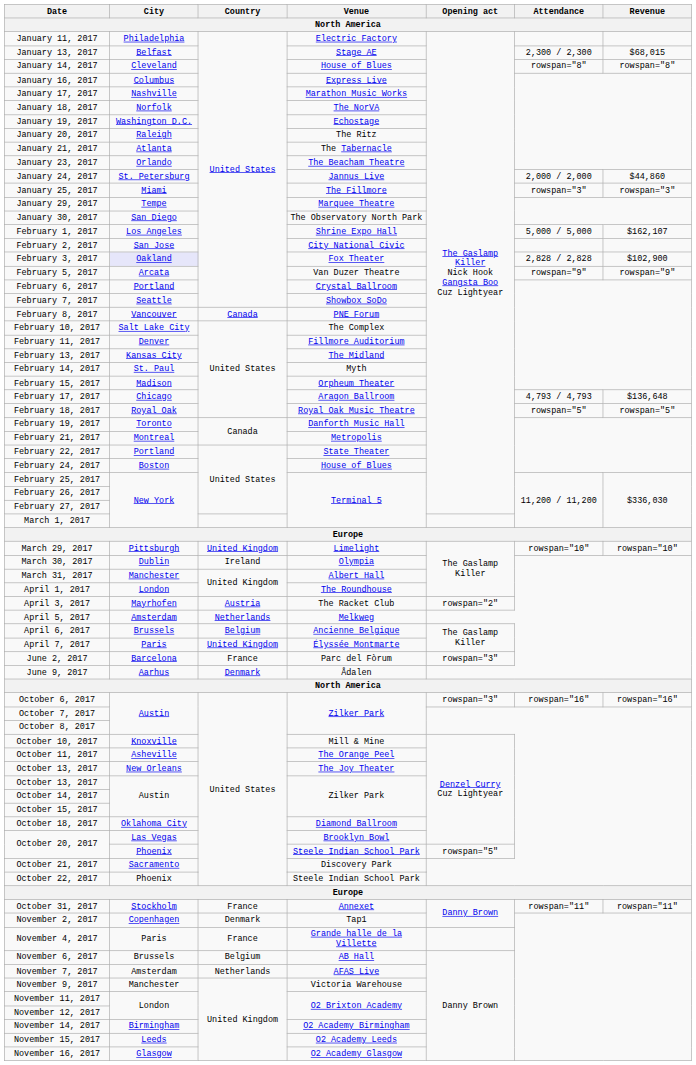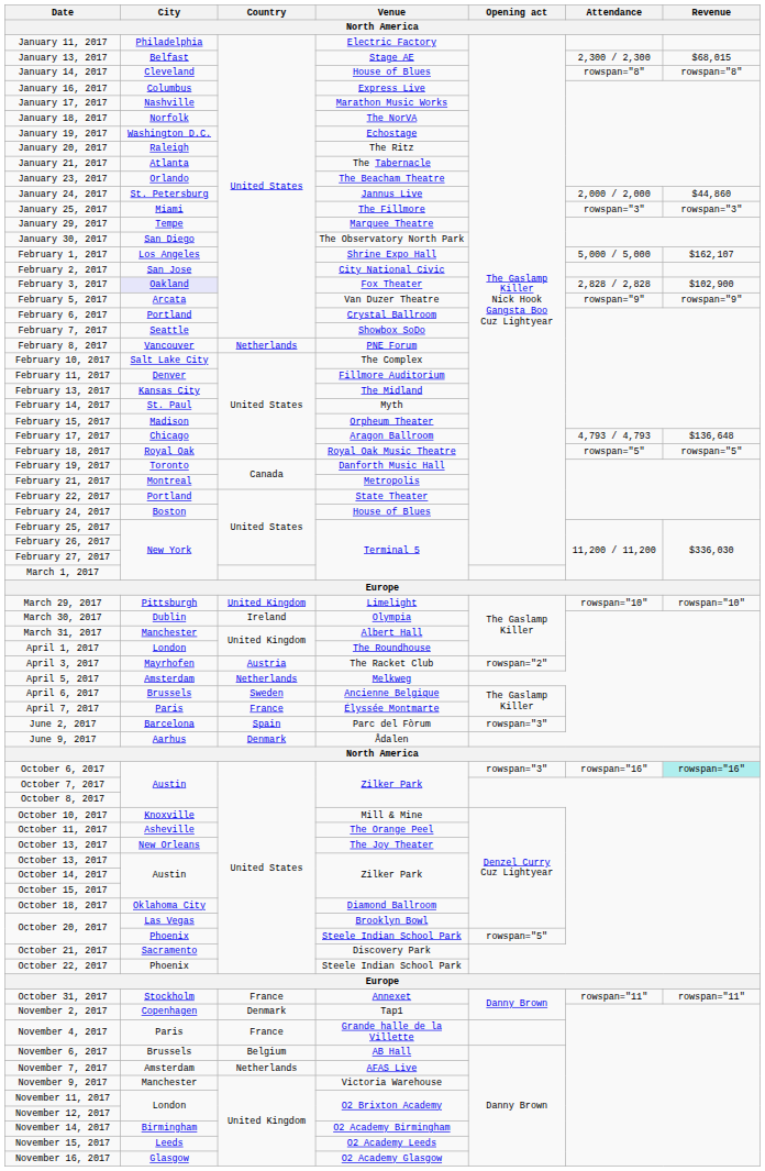 <table class="wikitable" style="text-align:center;">
 <tr>
 <th scope="col" style="width:12em;">Date</th>
 <th scope="col" style="width:10em;">City</th>
 <th scope="col" style="width:10em;">Country</th>
 <th scope="col" style="width:16em;">Venue</th>
 <th scope="col" style="width:10em;">Opening act</th>
 <th scope="col" style="width:10em;">Attendance</th>
 <th scope="col" style="width:10em;">Revenue</th>
 </tr>
 <tr>
 <th colspan="7">North America</th>
 </tr>
 <tr>
 <td>January 11, 2017</td>
 <td><a href='#'>Philadelphia</a></td>
 <td rowspan="20"><a href='#'>United States</a></td>
 <td><a href='#'>Electric Factory</a></td>
 <td rowspan="35"><a href='#'>The Gaslamp Killer</a><br>Nick Hook<br><a href='#'>Gangsta Boo</a><br>Cuz Lightyear</td>
 <td></td>
 <td></td>
 </tr>
 <tr>
 <td>January 13, 2017</td>
 <td><a href='#'>Belfast</a></td>
 <td><a href='#'>Stage AE</a></td>
 <td>2,300 / 2,300</td>
 <td>$68,015</td>
 </tr>
 <tr>
 <td>January 14, 2017</td>
 <td><a href='#'>Cleveland</a></td>
 <td><a href='#'>House of Blues</a></td>
 <td>rowspan="8" </td>
 <td>rowspan="8" </td>
 </tr>
 <tr>
 <td>January 16, 2017</td>
 <td><a href='#'>Columbus</a></td>
 <td><a href='#'>Express Live</a></td>
 </tr>
 <tr>
 <td>January 17, 2017</td>
 <td><a href='#'>Nashville</a></td>
 <td><a href='#'>Marathon Music Works</a></td>
 </tr>
 <tr>
 <td>January 18, 2017</td>
 <td><a href='#'>Norfolk</a></td>
 <td><a href='#'>The NorVA</a></td>
 </tr>
 <tr>
 <td>January 19, 2017</td>
 <td><a href='#'>Washington D.C.</a></td>
 <td><a href='#'>Echostage</a></td>
 </tr>
 <tr>
 <td>January 20, 2017</td>
 <td><a href='#'>Raleigh</a></td>
 <td>The Ritz</td>
 </tr>
 <tr>
 <td>January 21, 2017</td>
 <td><a href='#'>Atlanta</a></td>
 <td>The <a href='#'>Tabernacle</a></td>
 </tr>
 <tr>
 <td>January 23, 2017</td>
 <td><a href='#'>Orlando</a></td>
 <td><a href='#'>The Beacham Theatre</a></td>
 </tr>
 <tr>
 <td>January 24, 2017</td>
 <td><a href='#'>St. Petersburg</a></td>
 <td><a href='#'>Jannus Live</a></td>
 <td>2,000 / 2,000</td>
 <td>$44,860</td>
 </tr>
 <tr>
 <td>January 25, 2017</td>
 <td><a href='#'>Miami</a></td>
 <td><a href='#'>The Fillmore</a></td>
 <td>rowspan="3" </td>
 <td>rowspan="3" </td>
 </tr>
 <tr>
 <td>January 29, 2017</td>
 <td><a href='#'>Tempe</a></td>
 <td><a href='#'>Marquee Theatre</a></td>
 </tr>
 <tr>
 <td>January 30, 2017</td>
 <td><a href='#'>San Diego</a></td>
 <td>The Observatory North Park</td>
 </tr>
 <tr>
 <td>February 1, 2017</td>
 <td><a href='#'>Los Angeles</a></td>
 <td><a href='#'>Shrine Expo Hall</a></td>
 <td>5,000 / 5,000</td>
 <td>$162,107</td>
 </tr>
 <tr>
 <td>February 2, 2017</td>
 <td><a href='#'>San Jose</a></td>
 <td><a href='#'>City National Civic</a></td>
 <td></td>
 <td></td>
 </tr>
 <tr>
 <td>February 3, 2017</td>
 <td style="background: lavender;"><a href='#'>Oakland</a></td>
 <td><a href='#'>Fox Theater</a></td>
 <td>2,828 / 2,828</td>
 <td>$102,900</td>
 </tr>
 <tr>
 <td>February 5, 2017</td>
 <td><a href='#'>Arcata</a></td>
 <td>Van Duzer Theatre</td>
 <td>rowspan="9" </td>
 <td>rowspan="9" </td>
 </tr>
 <tr>
 <td>February 6, 2017</td>
 <td><a href='#'>Portland</a></td>
 <td><a href='#'>Crystal Ballroom</a></td>
 </tr>
 <tr>
 <td>February 7, 2017</td>
 <td><a href='#'>Seattle</a></td>
 <td><a href='#'>Showbox SoDo</a></td>
 </tr>
 <tr>
 <td>February 8, 2017</td>
 <td><a href='#'>Vancouver</a></td>
-<td><a href='#'>Canada</a></td>
+<td><a href='#'>Netherlands</a></td>
 <td><a href='#'>PNE Forum</a></td>
 </tr>
 <tr>
 <td>February 10, 2017</td>
 <td><a href='#'>Salt Lake City</a></td>
 <td rowspan="7">United States</td>
 <td>The Complex</td>
 </tr>
 <tr>
 <td>February 11, 2017</td>
 <td><a href='#'>Denver</a></td>
 <td><a href='#'>Fillmore Auditorium</a></td>
 </tr>
 <tr>
 <td>February 13, 2017</td>
 <td><a href='#'>Kansas City</a></td>
 <td><a href='#'>The Midland</a></td>
 </tr>
 <tr>
 <td>February 14, 2017</td>
 <td><a href='#'>St. Paul</a></td>
 <td>Myth</td>
 </tr>
 <tr>
 <td>February 15, 2017</td>
 <td><a href='#'>Madison</a></td>
 <td><a href='#'>Orpheum Theater</a></td>
 </tr>
 <tr>
 <td>February 17, 2017</td>
 <td><a href='#'>Chicago</a></td>
 <td><a href='#'>Aragon Ballroom</a></td>
 <td>4,793 / 4,793</td>
 <td>$136,648</td>
 </tr>
 <tr>
 <td>February 18, 2017</td>
 <td><a href='#'>Royal Oak</a></td>
 <td><a href='#'>Royal Oak Music Theatre</a></td>
 <td>rowspan="5" </td>
 <td>rowspan="5" </td>
 </tr>
 <tr>
 <td>February 19, 2017</td>
 <td><a href='#'>Toronto</a></td>
 <td rowspan="2">Canada</td>
 <td><a href='#'>Danforth Music Hall</a></td>
 </tr>
 <tr>
 <td>February 21, 2017</td>
 <td><a href='#'>Montreal</a></td>
 <td><a href='#'>Metropolis</a></td>
 </tr>
 <tr>
 <td>February 22, 2017</td>
 <td><a href='#'>Portland</a></td>
 <td rowspan="5">United States</td>
 <td><a href='#'>State Theater</a></td>
 </tr>
 <tr>
 <td>February 24, 2017</td>
 <td><a href='#'>Boston</a></td>
 <td><a href='#'>House of Blues</a></td>
 </tr>
 <tr>
 <td>February 25, 2017</td>
 <td rowspan="4"><a href='#'>New York</a></td>
 <td rowspan="4"><a href='#'>Terminal 5</a></td>
 <td rowspan="4">11,200 / 11,200</td>
 <td rowspan="4">$336,030</td>
 </tr>
 <tr>
 <td>February 26, 2017</td>
 </tr>
 <tr>
 <td>February 27, 2017</td>
 </tr>
 <tr>
 <td>March 1, 2017</td>
 </tr>
 <tr>
 <th colspan="7">Europe</th>
 </tr>
 <tr>
 <td>March 29, 2017</td>
 <td><a href='#'>Pittsburgh</a></td>
 <td><a href='#'>United Kingdom</a></td>
 <td><a href='#'>Limelight</a></td>
 <td rowspan="4">The Gaslamp Killer</td>
 <td>rowspan="10" </td>
 <td>rowspan="10" </td>
 </tr>
 <tr>
 <td>March 30, 2017</td>
 <td><a href='#'>Dublin</a></td>
 <td>Ireland</td>
 <td><a href='#'>Olympia</a></td>
 </tr>
 <tr>
 <td>March 31, 2017</td>
 <td><a href='#'>Manchester</a></td>
 <td rowspan="2">United Kingdom</td>
 <td><a href='#'>Albert Hall</a></td>
 </tr>
 <tr>
 <td>April 1, 2017</td>
 <td><a href='#'>London</a></td>
 <td><a href='#'>The Roundhouse</a></td>
 </tr>
 <tr>
 <td>April 3, 2017</td>
 <td><a href='#'>Mayrhofen</a></td>
 <td><a href='#'>Austria</a></td>
 <td>The Racket Club</td>
 <td>rowspan="2" </td>
 </tr>
 <tr>
 <td>April 5, 2017</td>
 <td><a href='#'>Amsterdam</a></td>
 <td><a href='#'>Netherlands</a></td>
 <td><a href='#'>Melkweg</a></td>
 </tr>
 <tr>
 <td>April 6, 2017</td>
 <td><a href='#'>Brussels</a></td>
-<td><a href='#'>Belgium</a></td>
+<td><a href='#'>Sweden</a></td>
 <td><a href='#'>Ancienne Belgique</a></td>
 <td rowspan="2">The Gaslamp Killer</td>
 </tr>
 <tr>
 <td>April 7, 2017</td>
 <td><a href='#'>Paris</a></td>
-<td><a href='#'>United Kingdom</a></td>
+<td><a href='#'>France</a></td>
 <td><a href='#'>Élyssée Montmarte</a></td>
 </tr>
 <tr>
 <td>June 2, 2017</td>
 <td><a href='#'>Barcelona</a></td>
-<td>France</td>
+<td><a href='#'>Spain</a></td>
 <td>Parc del Fòrum</td>
 <td>rowspan="3" </td>
 </tr>
 <tr>
 <td>June 9, 2017</td>
 <td><a href='#'>Aarhus</a></td>
 <td><a href='#'>Denmark</a></td>
 <td>Ådalen</td>
 </tr>
 <tr>
 <th colspan="7">North America</th>
 </tr>
 <tr>
 <td>October 6, 2017</td>
 <td rowspan="3"><a href='#'>Austin</a></td>
 <td rowspan="16">United States</td>
 <td rowspan="3"><a href='#'>Zilker Park</a></td>
 <td>rowspan="3" </td>
 <td>rowspan="16" </td>
-<td>rowspan="16" </td>
+<td style="background: paleturquoise;">rowspan="16" </td>
 </tr>
 <tr>
 <td>October 7, 2017</td>
 </tr>
 <tr>
 <td>October 8, 2017</td>
 </tr>
 <tr>
 <td>October 10, 2017</td>
 <td><a href='#'>Knoxville</a></td>
 <td>Mill & Mine</td>
 <td rowspan="8"><a href='#'>Denzel Curry</a><br>Cuz Lightyear</td>
 </tr>
 <tr>
 <td>October 11, 2017</td>
 <td><a href='#'>Asheville</a></td>
 <td><a href='#'>The Orange Peel</a></td>
 </tr>
 <tr>
 <td>October 13, 2017</td>
 <td><a href='#'>New Orleans</a></td>
 <td><a href='#'>The Joy Theater</a></td>
 </tr>
 <tr>
 <td>October 13, 2017</td>
 <td rowspan="3">Austin</td>
 <td rowspan="3">Zilker Park</td>
 </tr>
 <tr>
 <td>October 14, 2017</td>
 </tr>
 <tr>
 <td>October 15, 2017</td>
 </tr>
 <tr>
 <td>October 18, 2017</td>
 <td><a href='#'>Oklahoma City</a></td>
 <td><a href='#'>Diamond Ballroom</a></td>
 </tr>
 <tr>
 <td rowspan="2">October 20, 2017</td>
 <td><a href='#'>Las Vegas</a></td>
 <td><a href='#'>Brooklyn Bowl</a></td>
 </tr>
 <tr>
 <td rowspan="2"><a href='#'>Phoenix</a></td>
 <td rowspan="2"><a href='#'>Steele Indian School Park</a></td>
 <td>rowspan="5" </td>
 </tr>
 <tr>
 <td rowspan="3">October 21, 2017</td>
 </tr>
 <tr>
 <td><a href='#'>Sacramento</a></td>
 <td>Discovery Park</td>
 </tr>
 <tr>
 <td rowspan="2">Phoenix</td>
 <td rowspan="2">Steele Indian School Park</td>
 </tr>
 <tr>
 <td>October 22, 2017</td>
 </tr>
 <tr>
 <th colspan="7">Europe</th>
 </tr>
 <tr>
 <td>October 31, 2017</td>
 <td><a href='#'>Stockholm</a></td>
 <td>France</td>
 <td><a href='#'>Annexet</a></td>
 <td rowspan="2"><a href='#'>Danny Brown</a></td>
 <td>rowspan="11" </td>
 <td>rowspan="11" </td>
 </tr>
 <tr>
 <td>November 2, 2017</td>
 <td><a href='#'>Copenhagen</a></td>
 <td>Denmark</td>
 <td>Tap1</td>
 </tr>
 <tr>
 <td>November 4, 2017</td>
 <td>Paris</td>
 <td>France</td>
 <td><a href='#'>Grande halle de la Villette</a></td>
 <td></td>
 </tr>
 <tr>
 <td>November 6, 2017</td>
 <td>Brussels</td>
 <td>Belgium</td>
 <td><a href='#'>AB Hall</a></td>
 <td rowspan="8">Danny Brown</td>
 </tr>
 <tr>
 <td>November 7, 2017</td>
 <td>Amsterdam</td>
 <td>Netherlands</td>
 <td><a href='#'>AFAS Live</a></td>
 </tr>
 <tr>
 <td>November 9, 2017</td>
 <td>Manchester</td>
 <td rowspan="6">United Kingdom</td>
 <td>Victoria Warehouse</td>
 </tr>
 <tr>
 <td>November 11, 2017</td>
 <td rowspan="2">London</td>
 <td rowspan="2"><a href='#'>O2 Brixton Academy</a></td>
 </tr>
 <tr>
 <td>November 12, 2017</td>
 </tr>
 <tr>
 <td>November 14, 2017</td>
 <td><a href='#'>Birmingham</a></td>
 <td><a href='#'>O2 Academy Birmingham</a></td>
 </tr>
 <tr>
 <td>November 15, 2017</td>
 <td><a href='#'>Leeds</a></td>
 <td><a href='#'>O2 Academy Leeds</a></td>
 </tr>
 <tr>
 <td>November 16, 2017</td>
 <td><a href='#'>Glasgow</a></td>
 <td><a href='#'>O2 Academy Glasgow</a></td>
 </tr>
 </table>
